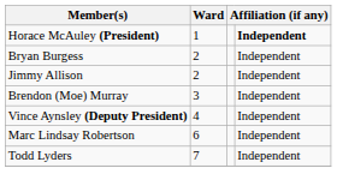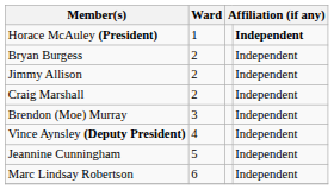 <table class="wikitable">
 <tr>
 <th>Member(s)</th>
 <th>Ward</th>
 <th colspan="2">Affiliation (if any)</th>
 </tr>
 <tr>
 <td>Horace McAuley <strong>(President)</strong></td>
 <td>1</td>
 <td></td>
 <td><strong>Independent</strong></td>
 </tr>
 <tr>
 <td>Bryan Burgess</td>
 <td>2</td>
 <td></td>
 <td>Independent</td>
 </tr>
 <tr>
 <td>Jimmy Allison</td>
 <td>2</td>
 <td></td>
 <td>Independent</td>
 </tr>
 <tr>
+<td>Craig Marshall</td>
+<td>2</td>
+<td></td>
+<td>Independent</td>
+</tr>
+<tr>
 <td>Brendon (Moe) Murray</td>
 <td>3</td>
 <td></td>
 <td>Independent</td>
 </tr>
 <tr>
 <td>Vince Aynsley <strong>(Deputy President)</strong></td>
 <td>4</td>
 <td></td>
 <td>Independent</td>
 </tr>
 <tr>
+<td>Jeannine Cunningham</td>
+<td>5</td>
+<td></td>
+<td>Independent</td>
+</tr>
+<tr>
 <td>Marc Lindsay Robertson</td>
 <td>6</td>
 <td></td>
 <td>Independent</td>
 </tr>
 <tr>
-<td>Todd Lyders</td>
-<td>7</td>
-<td></td>
-<td>Independent</td>
-</tr>
-<tr>
 </tr>
 </table>
